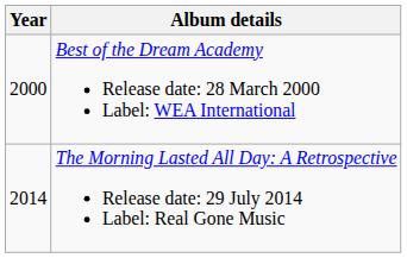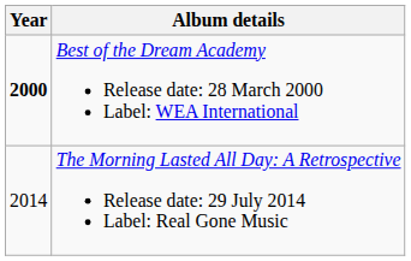 <table class="wikitable" style="text-align:center;">
 <tr>
 <th>Year</th>
 <th>Album details</th>
 </tr>
 <tr>
-<td>2000</td>
+<td><strong>2000</strong></td>
 <td style="text-align:left;"><em><a href='#'>Best of the Dream Academy</a></em><br><ul><li>Release date: 28 March 2000</li><li>Label: <a href='#'>WEA International</a></li></ul></td>
 </tr>
 <tr>
 <td>2014</td>
 <td style="text-align:left;"><em><a href='#'>The Morning Lasted All Day: A Retrospective</a></em><br><ul><li>Release date: 29 July 2014</li><li>Label: Real Gone Music</li></ul></td>
 </tr>
 </table>
